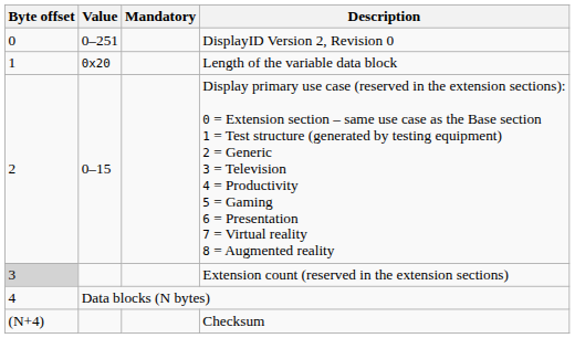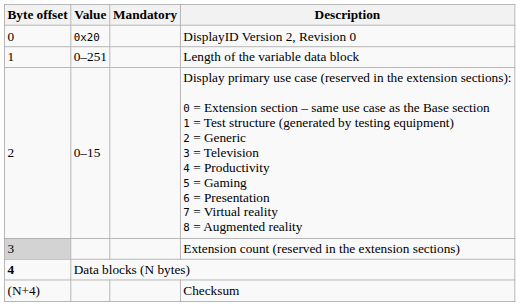 <table class=wikitable>
 <tr>
 <th>Byte offset</th>
 <th>Value</th>
 <th>Mandatory</th>
 <th>Description</th>
 </tr>
 <tr>
 <td>0</td>
-<td>0–251</td>
+<td><code>0x20</code></td>
 <td></td>
 <td>DisplayID Version 2, Revision 0</td>
 </tr>
 <tr>
 <td>1</td>
-<td><code>0x20</code></td>
+<td>0–251</td>
 <td></td>
 <td>Length of the variable data block</td>
 </tr>
 <tr>
 <td>2</td>
 <td>0–15</td>
 <td></td>
 <td>Display primary use case (reserved in the extension sections):<br><br><code>0</code> = Extension section – same use case as the Base section<br> <code>1</code> = Test structure (generated by testing equipment)<br> <code>2</code> = Generic<br> <code>3</code> = Television <br> <code>4</code> = Productivity<br> <code>5</code> = Gaming<br> <code>6</code> = Presentation<br> <code>7</code> = Virtual reality<br> <code>8</code> = Augmented reality</td>
 </tr>
 <tr>
 <td style="background: lightgrey;">3</td>
 <td></td>
 <td></td>
 <td>Extension count (reserved in the extension sections)</td>
 </tr>
 <tr>
-<td>4</td>
+<td><strong>4</strong></td>
 <td colspan=3>Data blocks (N bytes)</td>
 </tr>
 <tr>
 <td>(N+4)</td>
 <td></td>
 <td></td>
 <td>Checksum</td>
 </tr>
 </table>
